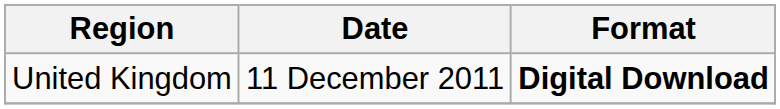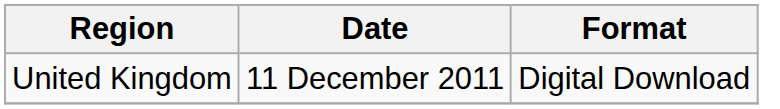 <table class=wikitable>
 <tr>
 <th>Region</th>
 <th>Date</th>
 <th>Format</th>
 </tr>
 <tr>
 <td>United Kingdom</td>
 <td>11 December 2011</td>
-<td><strong>Digital Download</strong></td>
+<td>Digital Download</td>
 </tr>
 <tr>
 </tr>
 </table>
